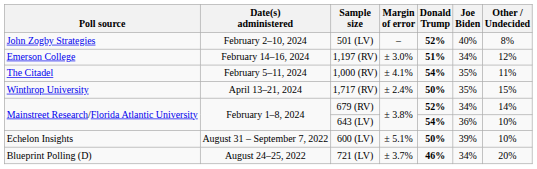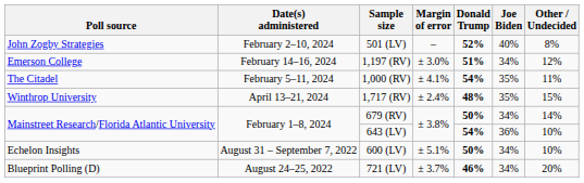 <table class="wikitable sortable mw-datatable" style="font-size:90%;text-align:center;line-height:17px">
 <tr valign=bottom>
 <th>Poll source</th>
 <th>Date(s)<br>administered</th>
 <th>Sample<br>size</th>
 <th>Margin<br>of error</th>
 <th class="unsortable">Donald<br>Trump<br></th>
 <th class="unsortable">Joe<br>Biden<br></th>
 <th class="unsortable">Other /<br>Undecided</th>
 </tr>
 <tr>
 <td style="text-align:left;"><a href='#'>John Zogby Strategies</a></td>
 <td data-sort-value="2024-02-14">February 2–10, 2024</td>
 <td>501 (LV)</td>
 <td>–</td>
 <td style="background-color:"><strong>52%</strong></td>
 <td>40%</td>
 <td>8%</td>
 </tr>
 <tr>
 <td style="text-align:left;"><a href='#'>Emerson College</a></td>
 <td data-sort-value="2024-02-20">February 14–16, 2024</td>
 <td>1,197 (RV)</td>
 <td>± 3.0%</td>
 <td style="background-color:"><strong>51%</strong></td>
 <td>34%</td>
 <td>12%</td>
 </tr>
 <tr>
 <td style="text-align:left;"><a href='#'>The Citadel</a></td>
 <td data-sort-value="2024-02-15">February 5–11, 2024</td>
 <td>1,000 (RV)</td>
 <td>± 4.1%</td>
 <td style="background-color:"><strong>54%</strong></td>
 <td>35%</td>
 <td>11%</td>
 </tr>
 <tr>
 <td style="text-align:left;"><a href='#'>Winthrop University</a></td>
 <td data-sort-value="2024-05-01">April 13–21, 2024</td>
 <td>1,717 (RV)</td>
 <td>± 2.4%</td>
-<td style="background-color:"><strong>50%</strong></td>
+<td style="background-color:"><strong>48%</strong></td>
 <td>35%</td>
 <td>15%</td>
 </tr>
 <tr>
 <td style="text-align:left;" rowspan="2"><a href='#'>Mainstreet Research</a>/<a href='#'>Florida Atlantic University</a></td>
 <td rowspan="2">February 1–8, 2024</td>
 <td>679 (RV)</td>
 <td rowspan="2">± 3.8%</td>
-<td style="background-color:"><strong>52%</strong></td>
+<td style="background-color:"><strong>50%</strong></td>
 <td>34%</td>
 <td>14%</td>
 </tr>
 <tr>
 <td>643 (LV)</td>
 <td style="background-color:"><strong>54%</strong></td>
 <td>36%</td>
 <td>10%</td>
 </tr>
 <tr>
 <td style="text-align:left;">Echelon Insights</td>
 <td data-sort-value="2022-09-07">August 31 – September 7, 2022</td>
 <td>600 (LV)</td>
 <td>± 5.1%</td>
 <td style="background-color:"><strong>50%</strong></td>
-<td>39%</td>
+<td>34%</td>
 <td>10%</td>
 </tr>
 <tr>
 <td style="text-align:left;">Blueprint Polling (D)</td>
 <td data-sort-value="2022-08-25">August 24–25, 2022</td>
 <td>721 (LV)</td>
 <td>± 3.7%</td>
 <td style="background-color:"><strong>46%</strong></td>
 <td>34%</td>
 <td>20%</td>
 </tr>
 </table>
